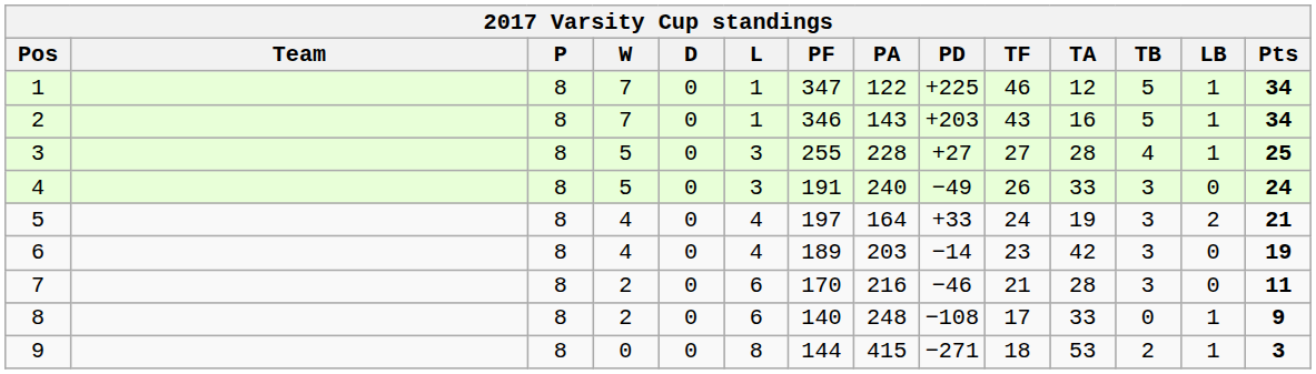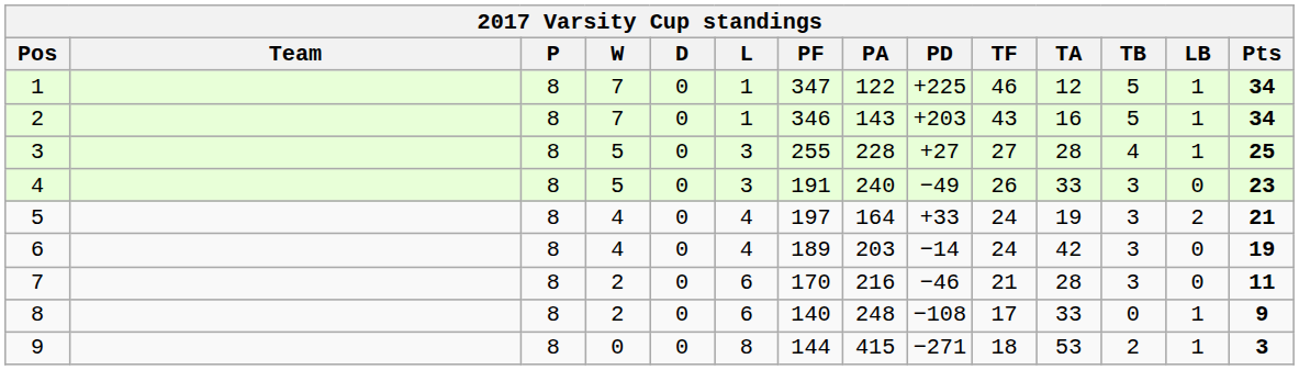 <table class="wikitable" style="text-align:center; line-height:100%; font-size:100%; width:60%;">
 <tr>
 <th colspan="100%" cellpadding="0" cellspacing="0"><strong>2017 Varsity Cup standings</strong></th>
 </tr>
 <tr>
 <th style="width:5%;">Pos</th>
 <th style="width:35%;">Team</th>
 <th style="width:5%;">P</th>
 <th style="width:5%;">W</th>
 <th style="width:5%;">D</th>
 <th style="width:5%;">L</th>
 <th style="width:5%;">PF</th>
 <th style="width:5%;">PA</th>
 <th style="width:5%;">PD</th>
 <th style="width:5%;">TF</th>
 <th style="width:5%;">TA</th>
 <th style="width:5%;">TB</th>
 <th style="width:5%;">LB</th>
 <th style="width:5%;">Pts<br></th>
 </tr>
 <tr style="background:#E8FFD8;">
 <td>1</td>
 <td align=left></td>
 <td>8</td>
 <td>7</td>
 <td>0</td>
 <td>1</td>
 <td>347</td>
 <td>122</td>
 <td>+225</td>
 <td>46</td>
 <td>12</td>
 <td>5</td>
 <td>1</td>
 <td><strong>34</strong></td>
 </tr>
 <tr style="background:#E8FFD8;">
 <td>2</td>
 <td align=left></td>
 <td>8</td>
 <td>7</td>
 <td>0</td>
 <td>1</td>
 <td>346</td>
 <td>143</td>
 <td>+203</td>
 <td>43</td>
 <td>16</td>
 <td>5</td>
 <td>1</td>
 <td><strong>34</strong></td>
 </tr>
 <tr style="background:#E8FFD8;">
 <td>3</td>
 <td align=left></td>
 <td>8</td>
 <td>5</td>
 <td>0</td>
 <td>3</td>
 <td>255</td>
 <td>228</td>
 <td>+27</td>
 <td>27</td>
 <td>28</td>
 <td>4</td>
 <td>1</td>
 <td><strong>25</strong></td>
 </tr>
 <tr style="background:#E8FFD8;">
 <td>4</td>
 <td align=left></td>
 <td>8</td>
 <td>5</td>
 <td>0</td>
 <td>3</td>
 <td>191</td>
 <td>240</td>
 <td>−49</td>
 <td>26</td>
 <td>33</td>
 <td>3</td>
 <td>0</td>
-<td><strong>24</strong></td>
+<td><strong>23</strong></td>
 </tr>
 <tr>
 <td>5</td>
 <td align=left></td>
 <td>8</td>
 <td>4</td>
 <td>0</td>
 <td>4</td>
 <td>197</td>
 <td>164</td>
 <td>+33</td>
 <td>24</td>
 <td>19</td>
 <td>3</td>
 <td>2</td>
 <td><strong>21</strong></td>
 </tr>
 <tr>
 <td>6</td>
 <td align=left></td>
 <td>8</td>
 <td>4</td>
 <td>0</td>
 <td>4</td>
 <td>189</td>
 <td>203</td>
 <td>−14</td>
-<td>23</td>
+<td>24</td>
 <td>42</td>
 <td>3</td>
 <td>0</td>
 <td><strong>19</strong></td>
 </tr>
 <tr>
 <td>7</td>
 <td align=left></td>
 <td>8</td>
 <td>2</td>
 <td>0</td>
 <td>6</td>
 <td>170</td>
 <td>216</td>
 <td>−46</td>
 <td>21</td>
 <td>28</td>
 <td>3</td>
 <td>0</td>
 <td><strong>11</strong></td>
 </tr>
 <tr>
 <td>8</td>
 <td align=left></td>
 <td>8</td>
 <td>2</td>
 <td>0</td>
 <td>6</td>
 <td>140</td>
 <td>248</td>
 <td>−108</td>
 <td>17</td>
 <td>33</td>
 <td>0</td>
 <td>1</td>
 <td><strong>9</strong></td>
 </tr>
 <tr>
 <td>9</td>
 <td align=left></td>
 <td>8</td>
 <td>0</td>
 <td>0</td>
 <td>8</td>
 <td>144</td>
 <td>415</td>
 <td>−271</td>
 <td>18</td>
 <td>53</td>
 <td>2</td>
 <td>1</td>
 <td><strong>3</strong></td>
 </tr>
 </table>
